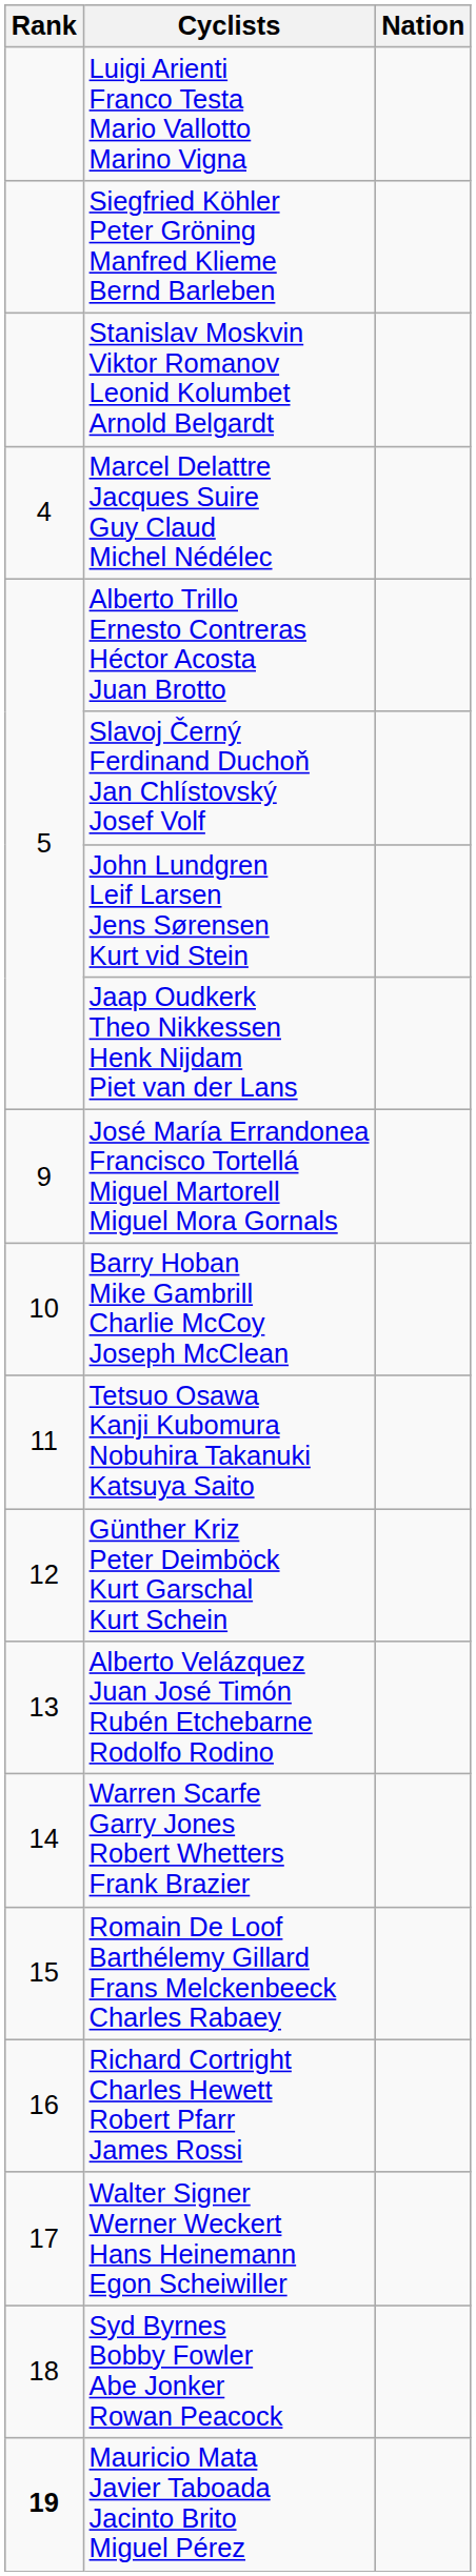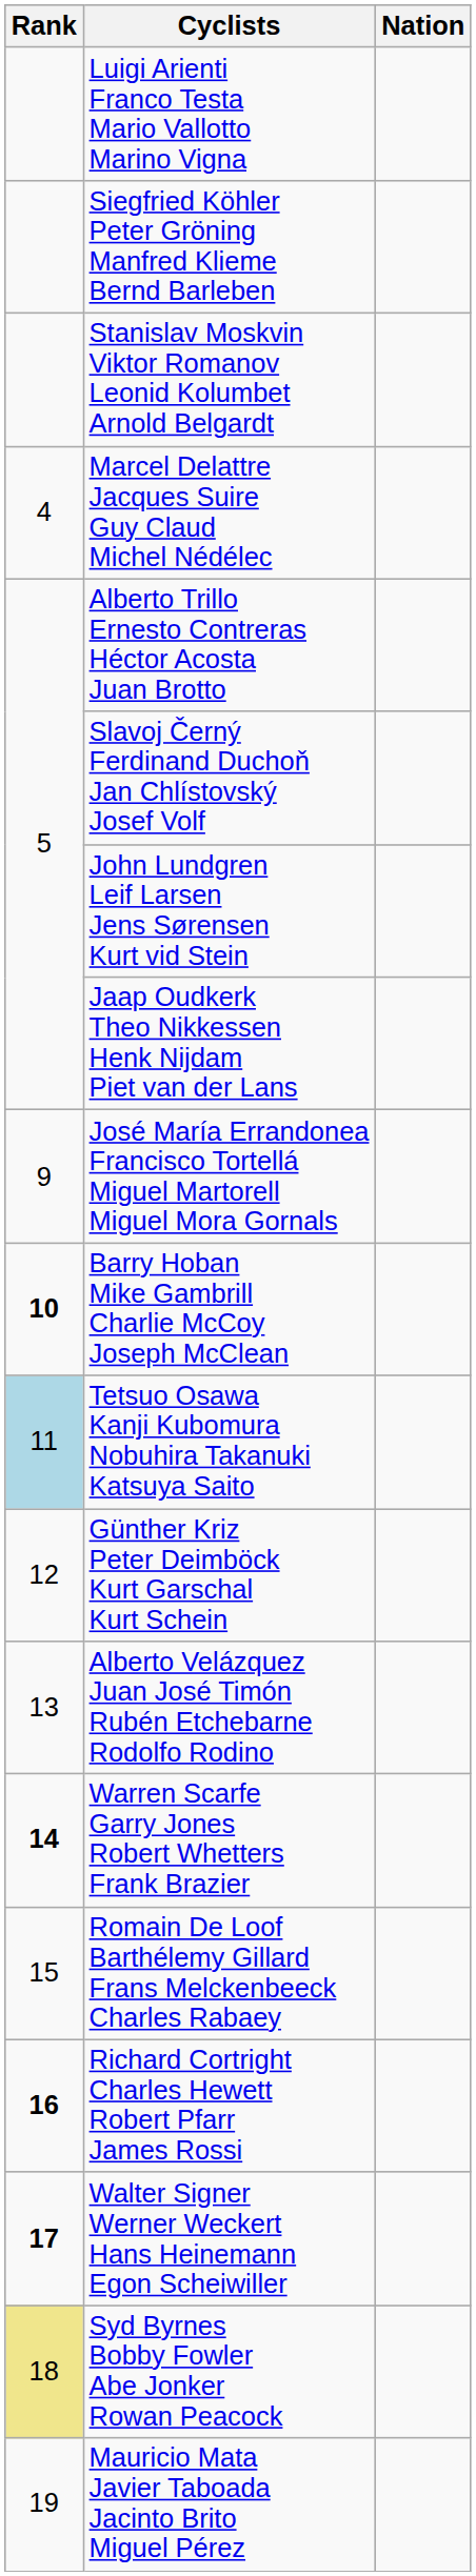 <table class="wikitable sortable" style="text-align:center">
 <tr>
 <th>Rank</th>
 <th>Cyclists</th>
 <th>Nation</th>
 </tr>
 <tr>
 <td></td>
 <td align=left><a href='#'>Luigi Arienti</a><br><a href='#'>Franco Testa</a><br><a href='#'>Mario Vallotto</a><br><a href='#'>Marino Vigna</a></td>
 <td align=left></td>
 </tr>
 <tr>
 <td></td>
 <td align=left><a href='#'>Siegfried Köhler</a><br><a href='#'>Peter Gröning</a><br><a href='#'>Manfred Klieme</a><br><a href='#'>Bernd Barleben</a></td>
 <td align=left></td>
 </tr>
 <tr>
 <td></td>
 <td align=left><a href='#'>Stanislav Moskvin</a><br><a href='#'>Viktor Romanov</a><br><a href='#'>Leonid Kolumbet</a><br><a href='#'>Arnold Belgardt</a></td>
 <td align=left></td>
 </tr>
 <tr>
 <td>4</td>
 <td align=left><a href='#'>Marcel Delattre</a><br><a href='#'>Jacques Suire</a><br><a href='#'>Guy Claud</a><br><a href='#'>Michel Nédélec</a></td>
 <td align=left></td>
 </tr>
 <tr>
 <td rowspan=4>5</td>
 <td align=left><a href='#'>Alberto Trillo</a><br><a href='#'>Ernesto Contreras</a><br><a href='#'>Héctor Acosta</a><br><a href='#'>Juan Brotto</a></td>
 <td align=left></td>
 </tr>
 <tr>
 <td align=left><a href='#'>Slavoj Černý</a><br><a href='#'>Ferdinand Duchoň</a><br><a href='#'>Jan Chlístovský</a><br><a href='#'>Josef Volf</a></td>
 <td align=left></td>
 </tr>
 <tr>
 <td align=left><a href='#'>John Lundgren</a><br><a href='#'>Leif Larsen</a><br><a href='#'>Jens Sørensen</a><br><a href='#'>Kurt vid Stein</a></td>
 <td align=left></td>
 </tr>
 <tr>
 <td align=left><a href='#'>Jaap Oudkerk</a><br><a href='#'>Theo Nikkessen</a><br><a href='#'>Henk Nijdam</a><br><a href='#'>Piet van der Lans</a></td>
 <td align=left></td>
 </tr>
 <tr>
 <td>9</td>
 <td align=left><a href='#'>José María Errandonea</a><br><a href='#'>Francisco Tortellá</a><br><a href='#'>Miguel Martorell</a><br><a href='#'>Miguel Mora Gornals</a></td>
 <td align=left></td>
 </tr>
 <tr>
-<td>10</td>
+<td><strong>10</strong></td>
 <td align=left><a href='#'>Barry Hoban</a><br><a href='#'>Mike Gambrill</a><br><a href='#'>Charlie McCoy</a><br><a href='#'>Joseph McClean</a></td>
 <td align=left></td>
 </tr>
 <tr>
-<td>11</td>
+<td style="background: lightblue;">11</td>
 <td align=left><a href='#'>Tetsuo Osawa</a><br><a href='#'>Kanji Kubomura</a><br><a href='#'>Nobuhira Takanuki</a><br><a href='#'>Katsuya Saito</a></td>
 <td align=left></td>
 </tr>
 <tr>
 <td>12</td>
 <td align=left><a href='#'>Günther Kriz</a><br><a href='#'>Peter Deimböck</a><br><a href='#'>Kurt Garschal</a><br><a href='#'>Kurt Schein</a></td>
 <td align=left></td>
 </tr>
 <tr>
 <td>13</td>
 <td align=left><a href='#'>Alberto Velázquez</a><br><a href='#'>Juan José Timón</a><br><a href='#'>Rubén Etchebarne</a><br><a href='#'>Rodolfo Rodino</a></td>
 <td align=left></td>
 </tr>
 <tr>
-<td>14</td>
+<td><strong>14</strong></td>
 <td align=left><a href='#'>Warren Scarfe</a><br><a href='#'>Garry Jones</a><br><a href='#'>Robert Whetters</a><br><a href='#'>Frank Brazier</a></td>
 <td align=left></td>
 </tr>
 <tr>
 <td>15</td>
 <td align=left><a href='#'>Romain De Loof</a><br><a href='#'>Barthélemy Gillard</a><br><a href='#'>Frans Melckenbeeck</a><br><a href='#'>Charles Rabaey</a></td>
 <td align=left></td>
 </tr>
 <tr>
-<td>16</td>
+<td><strong>16</strong></td>
 <td align=left><a href='#'>Richard Cortright</a><br><a href='#'>Charles Hewett</a><br><a href='#'>Robert Pfarr</a><br><a href='#'>James Rossi</a></td>
 <td align=left></td>
 </tr>
 <tr>
-<td>17</td>
+<td><strong>17</strong></td>
 <td align=left><a href='#'>Walter Signer</a><br><a href='#'>Werner Weckert</a><br><a href='#'>Hans Heinemann</a><br><a href='#'>Egon Scheiwiller</a></td>
 <td align=left></td>
 </tr>
 <tr>
-<td>18</td>
+<td style="background: khaki;">18</td>
 <td align=left><a href='#'>Syd Byrnes</a><br><a href='#'>Bobby Fowler</a><br><a href='#'>Abe Jonker</a><br><a href='#'>Rowan Peacock</a></td>
 <td align=left></td>
 </tr>
 <tr>
-<td><strong>19</strong></td>
+<td>19</td>
 <td align=left><a href='#'>Mauricio Mata</a><br><a href='#'>Javier Taboada</a><br><a href='#'>Jacinto Brito</a><br><a href='#'>Miguel Pérez</a></td>
 <td align=left></td>
 </tr>
 </table>
